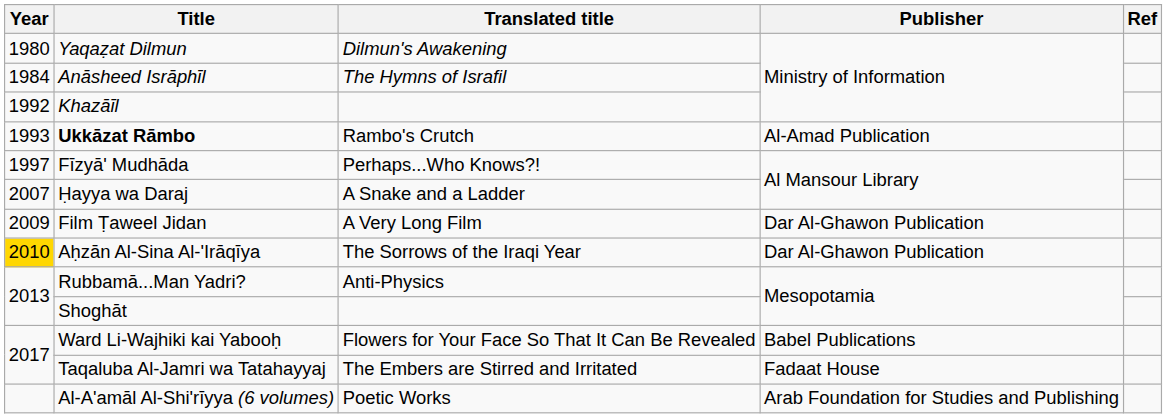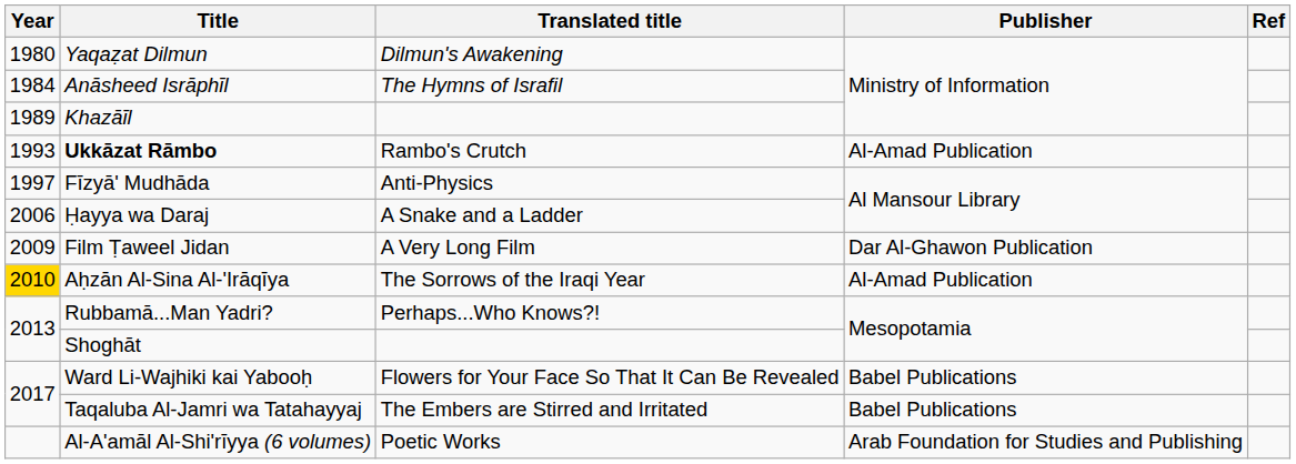 <table class="wikitable sortable">
 <tr>
 <th>Year</th>
 <th>Title</th>
 <th>Translated title</th>
 <th>Publisher</th>
 <th class="unsortable">Ref</th>
 </tr>
 <tr>
 <td>1980</td>
 <td><em>Yaqaẓat Dilmun</em></td>
 <td><em>Dilmun's Awakening</em></td>
 <td rowspan="3">Ministry of Information</td>
 <td></td>
 </tr>
 <tr>
 <td>1984</td>
 <td><em>Anāsheed Isrāphīl</em></td>
 <td><em>The Hymns of Israfil</em></td>
 <td></td>
 </tr>
 <tr>
-<td>1992</td>
+<td>1989</td>
 <td><em>Khazāīl</em></td>
 <td></td>
 <td></td>
 </tr>
 <tr>
 <td>1993</td>
 <td><strong>Ukkāzat Rāmbo<em></td>
 <td></em>Rambo's Crutch<em></td>
 <td>Al-Amad Publication</td>
 <td></td>
 </tr>
 <tr>
 <td>1997</td>
 <td></em>Fīzyā' Mudhāda<em></td>
-<td></em>Perhaps...Who Knows?!<em></td>
+<td></em>Anti-Physics<em></td>
 <td rowspan="2">Al Mansour Library</td>
 <td></td>
 </tr>
 <tr>
-<td>2007</td>
+<td>2006</td>
 <td></em>Ḥayya wa Daraj<em></td>
 <td></em>A Snake and a Ladder<em></td>
 <td></td>
 </tr>
 <tr>
 <td>2009</td>
 <td></em>Film Ṭaweel Jidan<em></td>
 <td></em>A Very Long Film<em></td>
 <td>Dar Al-Ghawon Publication</td>
 <td></td>
 </tr>
 <tr>
 <td style="background: gold;">2010</td>
 <td></em>Aḥzān Al-Sina Al-'Irāqīya<em></td>
 <td></em>The Sorrows of the Iraqi Year<em></td>
-<td>Dar Al-Ghawon Publication</td>
+<td>Al-Amad Publication</td>
 <td></td>
 </tr>
 <tr>
 <td rowspan="2">2013</td>
 <td></em>Rubbamā...Man Yadri?<em></td>
-<td></em>Anti-Physics<em></td>
+<td></em>Perhaps...Who Knows?!<em></td>
 <td rowspan="2">Mesopotamia</td>
 <td></td>
 </tr>
 <tr>
 <td></em>Shoghāt<em></td>
 <td></td>
 <td></td>
 </tr>
 <tr>
 <td rowspan="2">2017</td>
 <td></em>Ward Li-Wajhiki kai Yabooḥ<em></td>
 <td></em>Flowers for Your Face So That It Can Be Revealed<em></td>
 <td>Babel Publications</td>
 <td></td>
 </tr>
 <tr>
 <td></em>Taqaluba Al-Jamri wa Tatahayyaj<em></td>
 <td></em>The Embers are Stirred and Irritated<em></td>
-<td>Fadaat House</td>
+<td>Babel Publications</td>
 <td></td>
 </tr>
 <tr>
 <td></td>
 <td></em>Al-A'amāl Al-Shi'rīyya<em> (6 volumes)</td>
 <td></em>Poetic Works<em></td>
 <td>Arab Foundation for Studies and Publishing</td>
 <td></td>
 </tr>
 </table>
